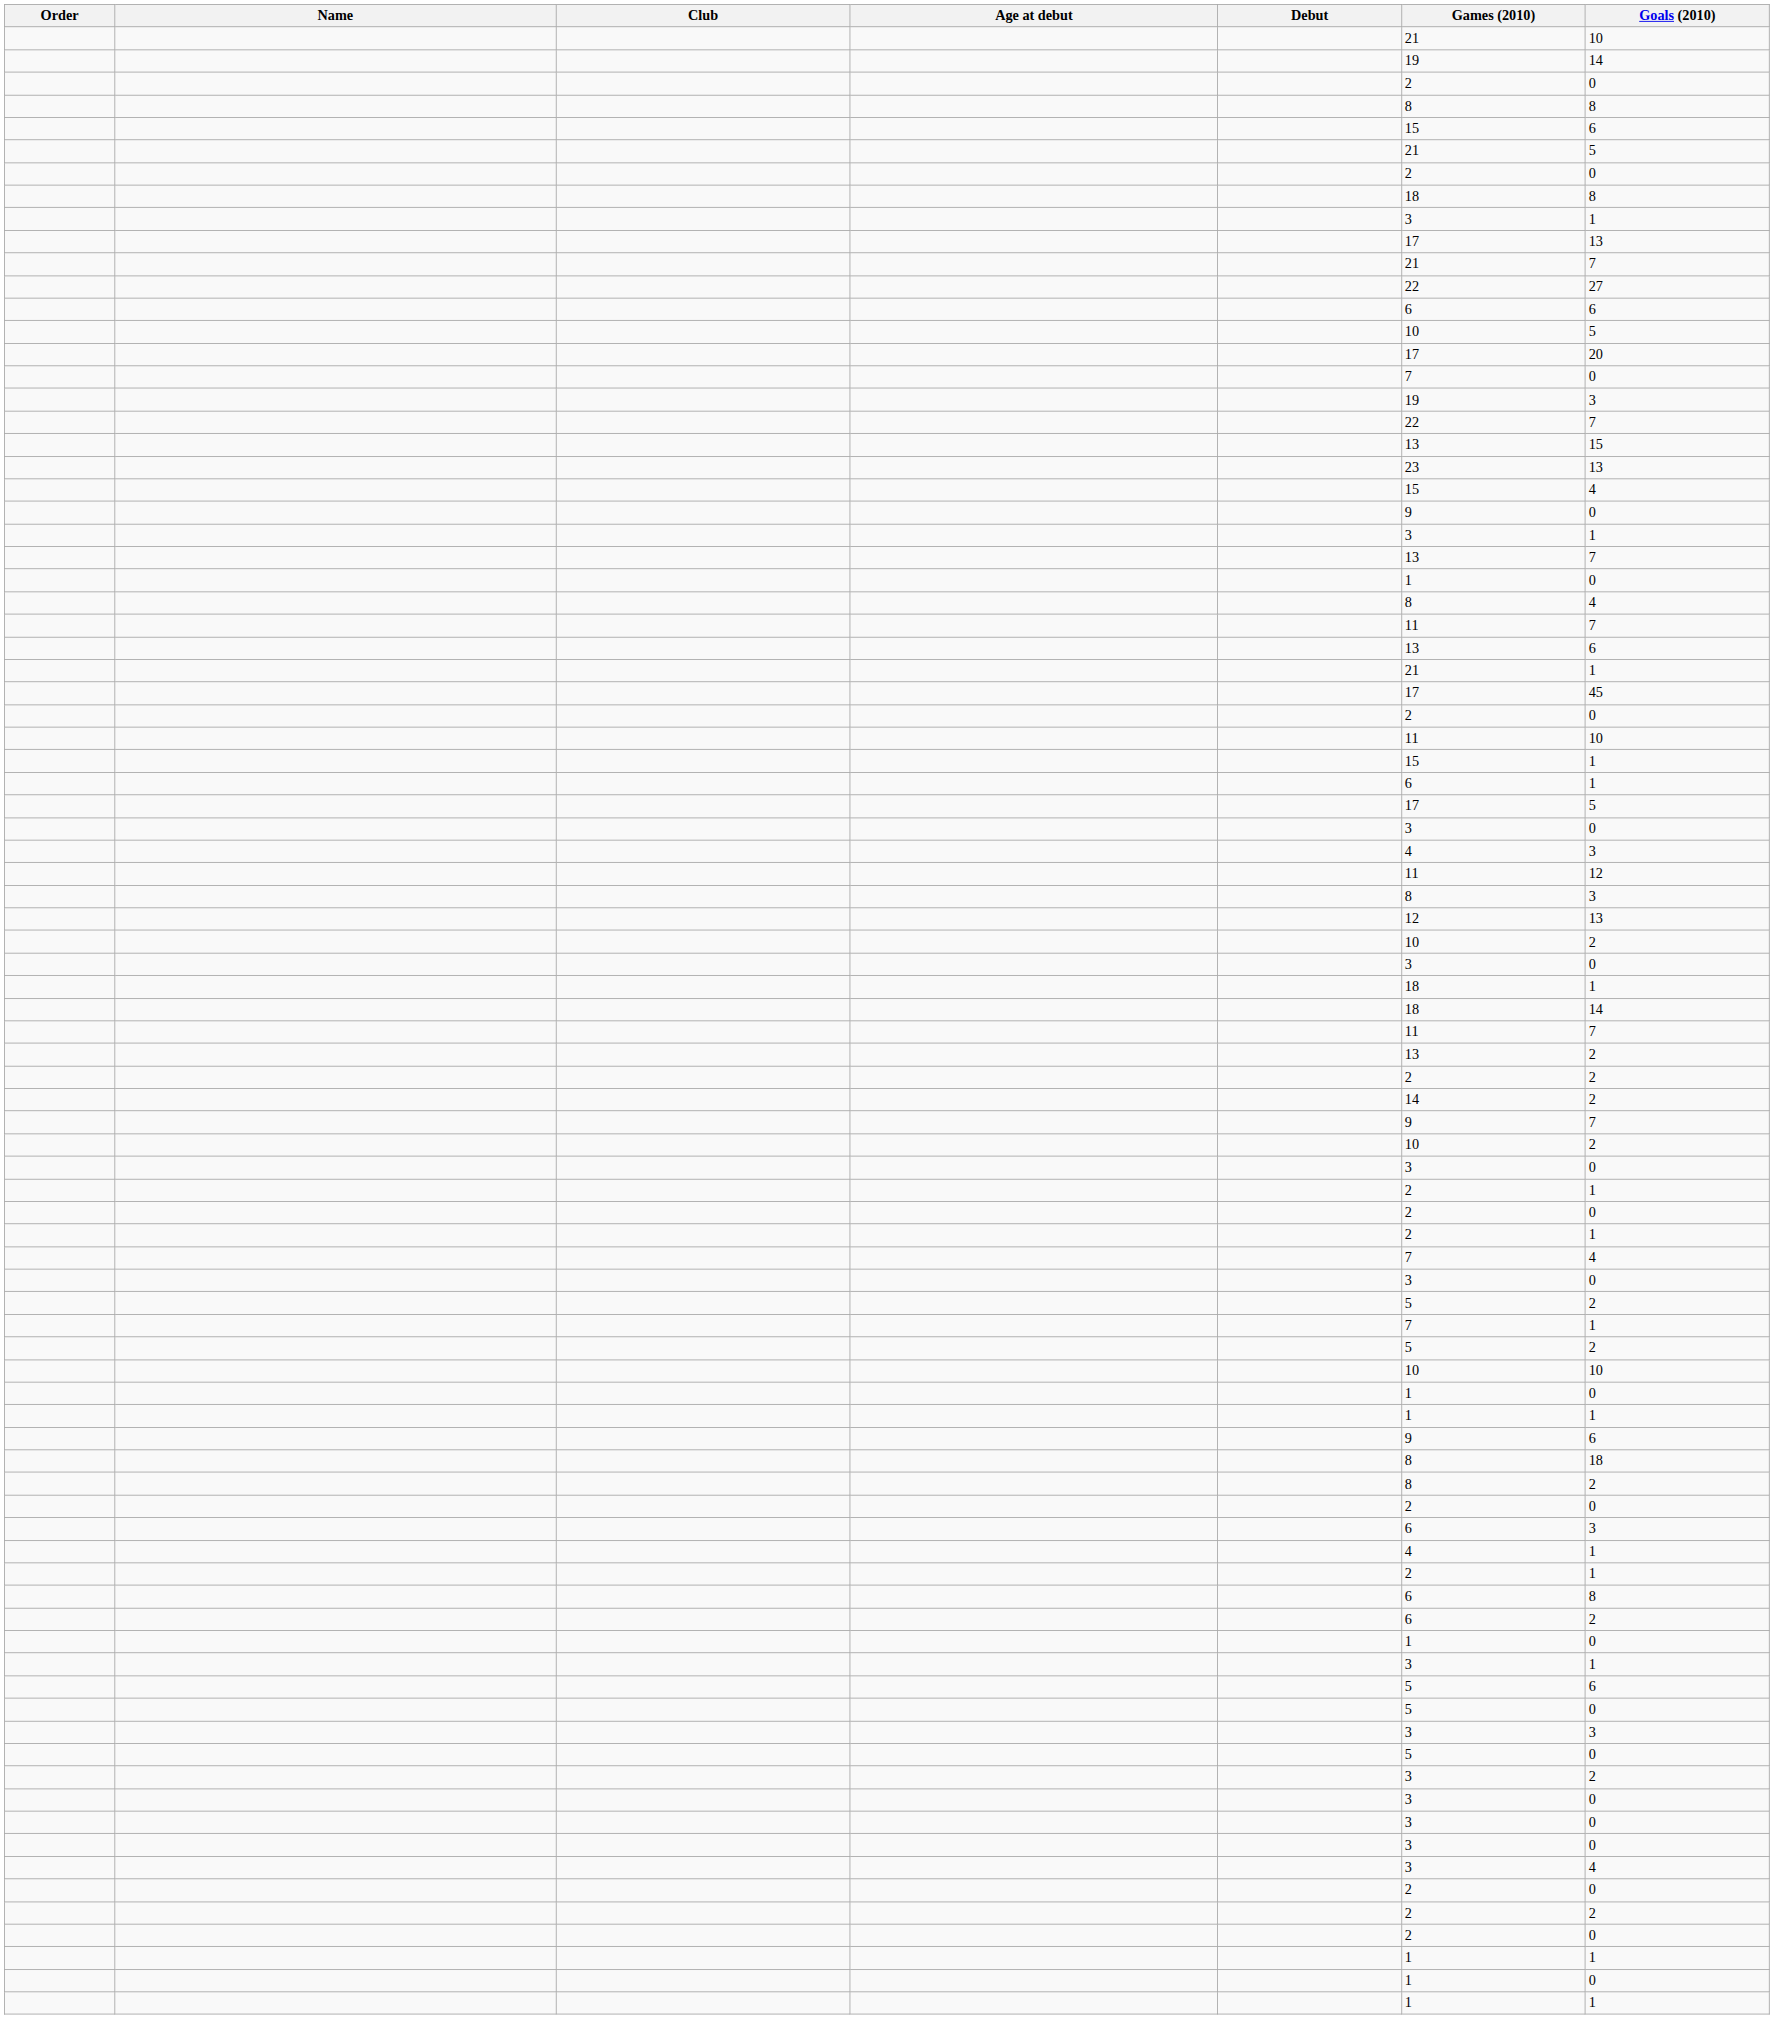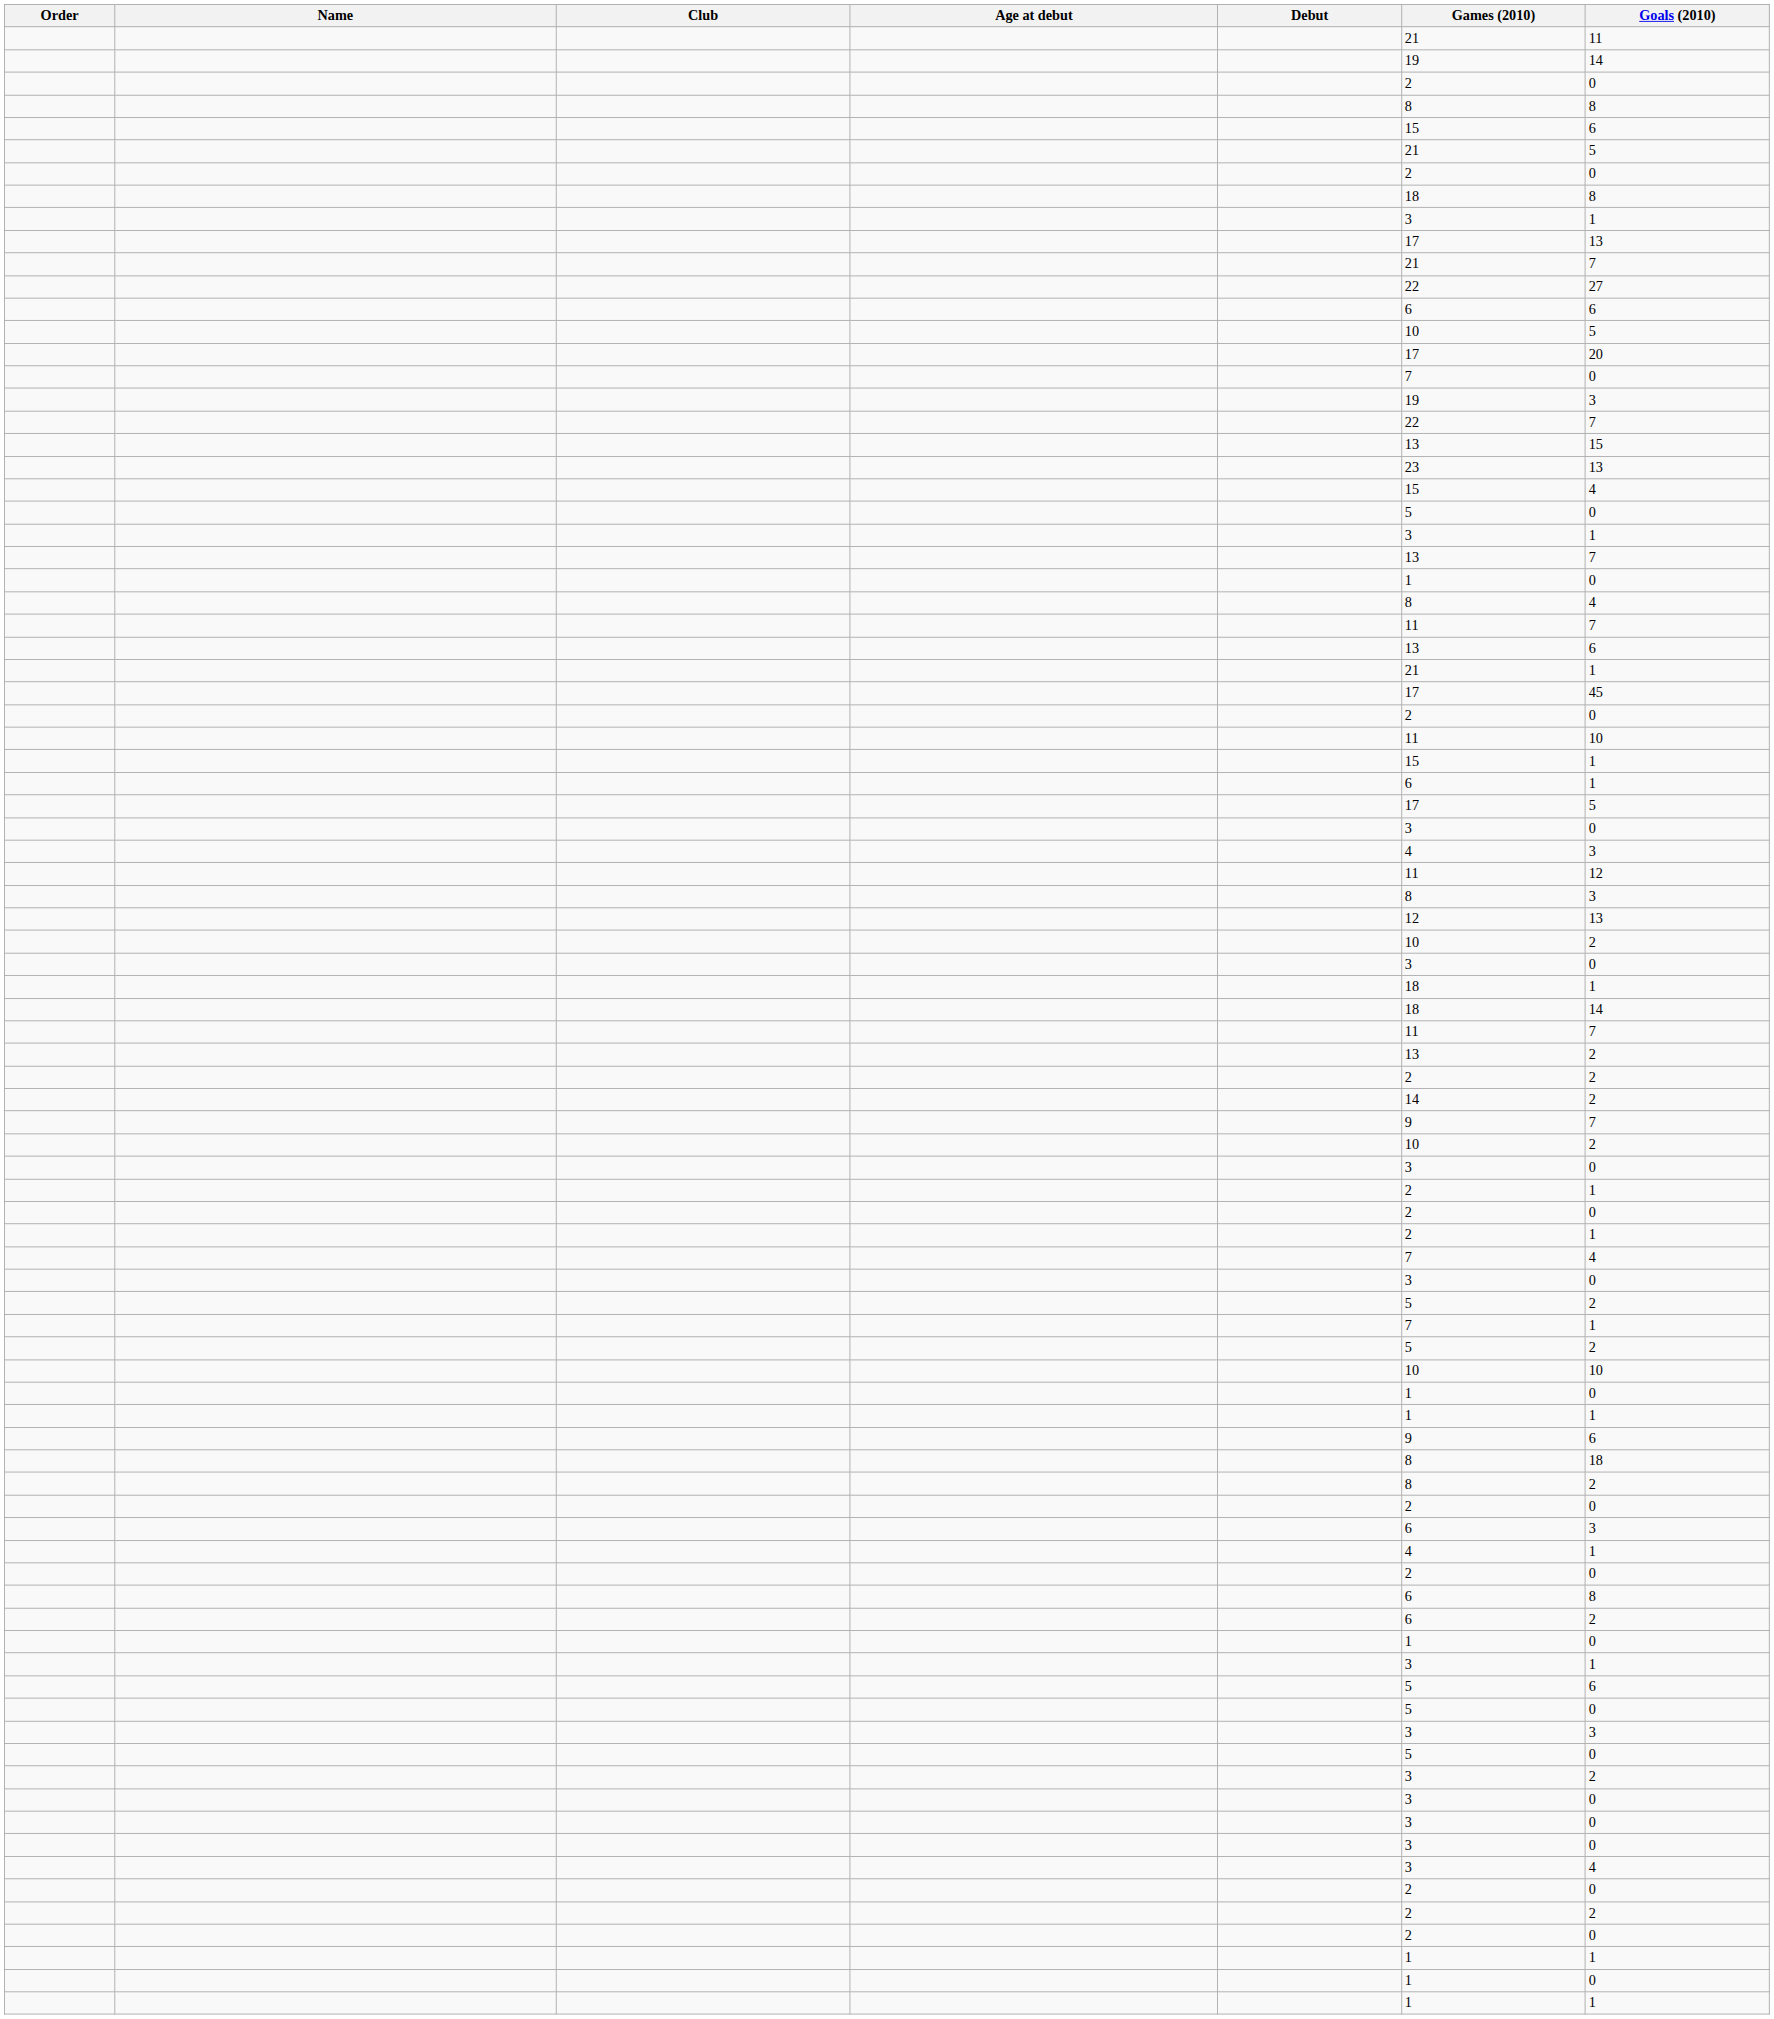 <table class="wikitable sortable" style="width:100%;">
 <tr style="background:#efefef;">
 <th width=3%>Order</th>
 <th style="width:12%;">Name</th>
 <th width=8%>Club</th>
 <th style="width:10%;">Age at debut</th>
 <th width=5%>Debut</th>
 <th width=5%>Games (2010)</th>
 <th width=5%><a href='#'>Goals</a> (2010)</th>
 </tr>
 <tr>
 <td></td>
 <td></td>
 <td></td>
 <td></td>
 <td></td>
 <td>21</td>
-<td>10</td>
+<td>11</td>
 </tr>
 <tr>
 <td></td>
 <td></td>
 <td></td>
 <td></td>
 <td></td>
 <td>19</td>
 <td>14</td>
 </tr>
 <tr>
 <td></td>
 <td></td>
 <td></td>
 <td></td>
 <td></td>
 <td>2</td>
 <td>0</td>
 </tr>
 <tr>
 <td></td>
 <td></td>
 <td></td>
 <td></td>
 <td></td>
 <td>8</td>
 <td>8</td>
 </tr>
 <tr>
 <td></td>
 <td></td>
 <td></td>
 <td></td>
 <td></td>
 <td>15</td>
 <td>6</td>
 </tr>
 <tr>
 <td></td>
 <td></td>
 <td></td>
 <td></td>
 <td></td>
 <td>21</td>
 <td>5</td>
 </tr>
 <tr>
 <td></td>
 <td></td>
 <td></td>
 <td></td>
 <td></td>
 <td>2</td>
 <td>0</td>
 </tr>
 <tr>
 <td></td>
 <td></td>
 <td></td>
 <td></td>
 <td></td>
 <td>18</td>
 <td>8</td>
 </tr>
 <tr>
 <td></td>
 <td></td>
 <td></td>
 <td></td>
 <td></td>
 <td>3</td>
 <td>1</td>
 </tr>
 <tr>
 <td></td>
 <td></td>
 <td></td>
 <td></td>
 <td></td>
 <td>17</td>
 <td>13</td>
 </tr>
 <tr>
 <td></td>
 <td></td>
 <td></td>
 <td></td>
 <td></td>
 <td>21</td>
 <td>7</td>
 </tr>
 <tr>
 <td></td>
 <td></td>
 <td></td>
 <td></td>
 <td></td>
 <td>22</td>
 <td>27</td>
 </tr>
 <tr>
 <td></td>
 <td></td>
 <td></td>
 <td></td>
 <td></td>
 <td>6</td>
 <td>6</td>
 </tr>
 <tr>
 <td></td>
 <td></td>
 <td></td>
 <td></td>
 <td></td>
 <td>10</td>
 <td>5</td>
 </tr>
 <tr>
 <td></td>
 <td></td>
 <td></td>
 <td></td>
 <td></td>
 <td>17</td>
 <td>20</td>
 </tr>
 <tr>
 <td></td>
 <td></td>
 <td></td>
 <td></td>
 <td></td>
 <td>7</td>
 <td>0</td>
 </tr>
 <tr>
 <td></td>
 <td></td>
 <td></td>
 <td></td>
 <td></td>
 <td>19</td>
 <td>3</td>
 </tr>
 <tr>
 <td></td>
 <td></td>
 <td></td>
 <td></td>
 <td></td>
 <td>22</td>
 <td>7</td>
 </tr>
 <tr>
 <td></td>
 <td></td>
 <td></td>
 <td></td>
 <td></td>
 <td>13</td>
 <td>15</td>
 </tr>
 <tr>
 <td></td>
 <td></td>
 <td></td>
 <td></td>
 <td></td>
 <td>23</td>
 <td>13</td>
 </tr>
 <tr>
 <td></td>
 <td></td>
 <td></td>
 <td></td>
 <td></td>
 <td>15</td>
 <td>4</td>
 </tr>
 <tr>
 <td></td>
 <td></td>
 <td></td>
 <td></td>
 <td></td>
-<td>9</td>
+<td>5</td>
 <td>0</td>
 </tr>
 <tr>
 <td></td>
 <td></td>
 <td></td>
 <td></td>
 <td></td>
 <td>3</td>
 <td>1</td>
 </tr>
 <tr>
 <td></td>
 <td></td>
 <td></td>
 <td></td>
 <td></td>
 <td>13</td>
 <td>7</td>
 </tr>
 <tr>
 <td></td>
 <td></td>
 <td></td>
 <td></td>
 <td></td>
 <td>1</td>
 <td>0</td>
 </tr>
 <tr>
 <td></td>
 <td></td>
 <td></td>
 <td></td>
 <td></td>
 <td>8</td>
 <td>4</td>
 </tr>
 <tr>
 <td></td>
 <td></td>
 <td></td>
 <td></td>
 <td></td>
 <td>11</td>
 <td>7</td>
 </tr>
 <tr>
 <td></td>
 <td></td>
 <td></td>
 <td></td>
 <td></td>
 <td>13</td>
 <td>6</td>
 </tr>
 <tr>
 <td></td>
 <td></td>
 <td></td>
 <td></td>
 <td></td>
 <td>21</td>
 <td>1</td>
 </tr>
 <tr>
 <td></td>
 <td></td>
 <td></td>
 <td></td>
 <td></td>
 <td>17</td>
 <td>45</td>
 </tr>
 <tr>
 <td></td>
 <td></td>
 <td></td>
 <td></td>
 <td></td>
 <td>2</td>
 <td>0</td>
 </tr>
 <tr>
 <td></td>
 <td></td>
 <td></td>
 <td></td>
 <td></td>
 <td>11</td>
 <td>10</td>
 </tr>
 <tr>
 <td></td>
 <td></td>
 <td></td>
 <td></td>
 <td></td>
 <td>15</td>
 <td>1</td>
 </tr>
 <tr>
 <td></td>
 <td></td>
 <td></td>
 <td></td>
 <td></td>
 <td>6</td>
 <td>1</td>
 </tr>
 <tr>
 <td></td>
 <td></td>
 <td></td>
 <td></td>
 <td></td>
 <td>17</td>
 <td>5</td>
 </tr>
 <tr>
 <td></td>
 <td></td>
 <td></td>
 <td></td>
 <td></td>
 <td>3</td>
 <td>0</td>
 </tr>
 <tr>
 <td></td>
 <td></td>
 <td></td>
 <td></td>
 <td></td>
 <td>4</td>
 <td>3</td>
 </tr>
 <tr>
 <td></td>
 <td></td>
 <td></td>
 <td></td>
 <td></td>
 <td>11</td>
 <td>12</td>
 </tr>
 <tr>
 <td></td>
 <td></td>
 <td></td>
 <td></td>
 <td></td>
 <td>8</td>
 <td>3</td>
 </tr>
 <tr>
 <td></td>
 <td></td>
 <td></td>
 <td></td>
 <td></td>
 <td>12</td>
 <td>13</td>
 </tr>
 <tr>
 <td></td>
 <td></td>
 <td></td>
 <td></td>
 <td></td>
 <td>10</td>
 <td>2</td>
 </tr>
 <tr>
 <td></td>
 <td></td>
 <td></td>
 <td></td>
 <td></td>
 <td>3</td>
 <td>0</td>
 </tr>
 <tr>
 <td></td>
 <td></td>
 <td></td>
 <td></td>
 <td></td>
 <td>18</td>
 <td>1</td>
 </tr>
 <tr>
 <td></td>
 <td></td>
 <td></td>
 <td></td>
 <td></td>
 <td>18</td>
 <td>14</td>
 </tr>
 <tr>
 <td></td>
 <td></td>
 <td></td>
 <td></td>
 <td></td>
 <td>11</td>
 <td>7</td>
 </tr>
 <tr>
 <td></td>
 <td></td>
 <td></td>
 <td></td>
 <td></td>
 <td>13</td>
 <td>2</td>
 </tr>
 <tr>
 <td></td>
 <td></td>
 <td></td>
 <td></td>
 <td></td>
 <td>2</td>
 <td>2</td>
 </tr>
 <tr>
 <td></td>
 <td></td>
 <td></td>
 <td></td>
 <td></td>
 <td>14</td>
 <td>2</td>
 </tr>
 <tr>
 <td></td>
 <td></td>
 <td></td>
 <td></td>
 <td></td>
 <td>9</td>
 <td>7</td>
 </tr>
 <tr>
 <td></td>
 <td></td>
 <td></td>
 <td></td>
 <td></td>
 <td>10</td>
 <td>2</td>
 </tr>
 <tr>
 <td></td>
 <td></td>
 <td></td>
 <td></td>
 <td></td>
 <td>3</td>
 <td>0</td>
 </tr>
 <tr>
 <td></td>
 <td></td>
 <td></td>
 <td></td>
 <td></td>
 <td>2</td>
 <td>1</td>
 </tr>
 <tr>
 <td></td>
 <td></td>
 <td></td>
 <td></td>
 <td></td>
 <td>2</td>
 <td>0</td>
 </tr>
 <tr>
 <td></td>
 <td></td>
 <td></td>
 <td></td>
 <td></td>
 <td>2</td>
 <td>1</td>
 </tr>
 <tr>
 <td></td>
 <td></td>
 <td></td>
 <td></td>
 <td></td>
 <td>7</td>
 <td>4</td>
 </tr>
 <tr>
 <td></td>
 <td></td>
 <td></td>
 <td></td>
 <td></td>
 <td>3</td>
 <td>0</td>
 </tr>
 <tr>
 <td></td>
 <td></td>
 <td></td>
 <td></td>
 <td></td>
 <td>5</td>
 <td>2</td>
 </tr>
 <tr>
 <td></td>
 <td></td>
 <td></td>
 <td></td>
 <td></td>
 <td>7</td>
 <td>1</td>
 </tr>
 <tr>
 <td></td>
 <td></td>
 <td></td>
 <td></td>
 <td></td>
 <td>5</td>
 <td>2</td>
 </tr>
 <tr>
 <td></td>
 <td></td>
 <td></td>
 <td></td>
 <td></td>
 <td>10</td>
 <td>10</td>
 </tr>
 <tr>
 <td></td>
 <td></td>
 <td></td>
 <td></td>
 <td></td>
 <td>1</td>
 <td>0</td>
 </tr>
 <tr>
 <td></td>
 <td></td>
 <td></td>
 <td></td>
 <td></td>
 <td>1</td>
 <td>1</td>
 </tr>
 <tr>
 <td></td>
 <td></td>
 <td></td>
 <td></td>
 <td></td>
 <td>9</td>
 <td>6</td>
 </tr>
 <tr>
 <td></td>
 <td></td>
 <td></td>
 <td></td>
 <td></td>
 <td>8</td>
 <td>18</td>
 </tr>
 <tr>
 <td></td>
 <td></td>
 <td></td>
 <td></td>
 <td></td>
 <td>8</td>
 <td>2</td>
 </tr>
 <tr>
 <td></td>
 <td></td>
 <td></td>
 <td></td>
 <td></td>
 <td>2</td>
 <td>0</td>
 </tr>
 <tr>
 <td></td>
 <td></td>
 <td></td>
 <td></td>
 <td></td>
 <td>6</td>
 <td>3</td>
 </tr>
 <tr>
 <td></td>
 <td></td>
 <td></td>
 <td></td>
 <td></td>
 <td>4</td>
 <td>1</td>
 </tr>
 <tr>
 <td></td>
 <td></td>
 <td></td>
 <td></td>
 <td></td>
 <td>2</td>
-<td>1</td>
+<td>0</td>
 </tr>
 <tr>
 <td></td>
 <td></td>
 <td></td>
 <td></td>
 <td></td>
 <td>6</td>
 <td>8</td>
 </tr>
 <tr>
 <td></td>
 <td></td>
 <td></td>
 <td></td>
 <td></td>
 <td>6</td>
 <td>2</td>
 </tr>
 <tr>
 <td></td>
 <td></td>
 <td></td>
 <td></td>
 <td></td>
 <td>1</td>
 <td>0</td>
 </tr>
 <tr>
 <td></td>
 <td></td>
 <td></td>
 <td></td>
 <td></td>
 <td>3</td>
 <td>1</td>
 </tr>
 <tr>
 <td></td>
 <td></td>
 <td></td>
 <td></td>
 <td></td>
 <td>5</td>
 <td>6</td>
 </tr>
 <tr>
 <td></td>
 <td></td>
 <td></td>
 <td></td>
 <td></td>
 <td>5</td>
 <td>0</td>
 </tr>
 <tr>
 <td></td>
 <td></td>
 <td></td>
 <td></td>
 <td></td>
 <td>3</td>
 <td>3</td>
 </tr>
 <tr>
 <td></td>
 <td></td>
 <td></td>
 <td></td>
 <td></td>
 <td>5</td>
 <td>0</td>
 </tr>
 <tr>
 <td></td>
 <td></td>
 <td></td>
 <td></td>
 <td></td>
 <td>3</td>
 <td>2</td>
 </tr>
 <tr>
 <td></td>
 <td></td>
 <td></td>
 <td></td>
 <td></td>
 <td>3</td>
 <td>0</td>
 </tr>
 <tr>
 <td></td>
 <td></td>
 <td></td>
 <td></td>
 <td></td>
 <td>3</td>
 <td>0</td>
 </tr>
 <tr>
 <td></td>
 <td></td>
 <td></td>
 <td></td>
 <td></td>
 <td>3</td>
 <td>0</td>
 </tr>
 <tr>
 <td></td>
 <td></td>
 <td></td>
 <td></td>
 <td></td>
 <td>3</td>
 <td>4</td>
 </tr>
 <tr>
 <td></td>
 <td></td>
 <td></td>
 <td></td>
 <td></td>
 <td>2</td>
 <td>0</td>
 </tr>
 <tr>
 <td></td>
 <td></td>
 <td></td>
 <td></td>
 <td></td>
 <td>2</td>
 <td>2</td>
 </tr>
 <tr>
 <td></td>
 <td></td>
 <td></td>
 <td></td>
 <td></td>
 <td>2</td>
 <td>0</td>
 </tr>
 <tr>
 <td></td>
 <td></td>
 <td></td>
 <td></td>
 <td></td>
 <td>1</td>
 <td>1</td>
 </tr>
 <tr>
 <td></td>
 <td></td>
 <td></td>
 <td></td>
 <td></td>
 <td>1</td>
 <td>0</td>
 </tr>
 <tr>
 <td></td>
 <td></td>
 <td></td>
 <td></td>
 <td></td>
 <td>1</td>
 <td>1</td>
 </tr>
 </table>
